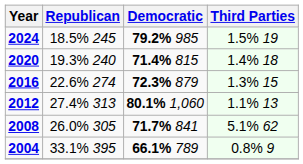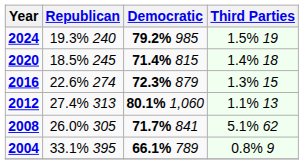 <table class="wikitable" style="float:right; font-size:95%;">
 <tr bgcolor=lightgrey>
 <th>Year</th>
 <th><a href='#'>Republican</a></th>
 <th><a href='#'>Democratic</a></th>
 <th><a href='#'>Third Parties</a></th>
 </tr>
 <tr>
 <td style="text-align:center; "><strong><a href='#'>2024</a></strong></td>
-<td style="text-align:center; ">18.5% <em>245</em></td>
+<td style="text-align:center; ">19.3% <em>240</em></td>
 <td style="text-align:center; "><strong>79.2%</strong>  <em>985</em></td>
 <td style="text-align:center; background:honeyDew;">1.5% <em>19</em></td>
 </tr>
 <tr>
 <td style="text-align:center; "><strong><a href='#'>2020</a></strong></td>
-<td style="text-align:center; ">19.3% <em>240</em></td>
+<td style="text-align:center; ">18.5% <em>245</em></td>
 <td style="text-align:center; "><strong>71.4%</strong>  <em>815</em></td>
 <td style="text-align:center; background:honeyDew;">1.4% <em>18</em></td>
 </tr>
 <tr>
 <td style="text-align:center; "><strong><a href='#'>2016</a></strong></td>
 <td style="text-align:center; ">22.6% <em>274</em></td>
 <td style="text-align:center; "><strong>72.3%</strong>  <em>879</em></td>
 <td style="text-align:center; background:honeyDew;">1.3% <em>15</em></td>
 </tr>
 <tr>
 <td style="text-align:center; "><strong><a href='#'>2012</a></strong></td>
 <td style="text-align:center; ">27.4% <em>313</em></td>
 <td style="text-align:center; "><strong>80.1%</strong>  <em>1,060</em></td>
 <td style="text-align:center; background:honeyDew;">1.1% <em>13</em></td>
 </tr>
 <tr>
 <td style="text-align:center; "><strong><a href='#'>2008</a></strong></td>
 <td style="text-align:center; ">26.0% <em>305</em></td>
 <td style="text-align:center; "><strong>71.7%</strong>  <em>841</em></td>
 <td style="text-align:center; background:honeyDew;">5.1% <em>62</em></td>
 </tr>
 <tr>
 <td style="text-align:center; "><strong><a href='#'>2004</a></strong></td>
 <td style="text-align:center; ">33.1% <em>395</em></td>
 <td style="text-align:center; "><strong>66.1%</strong>  <em>789</em></td>
 <td style="text-align:center; background:honeyDew;">0.8% <em>9</em></td>
 </tr>
 <tr>
 </tr>
 </table>
